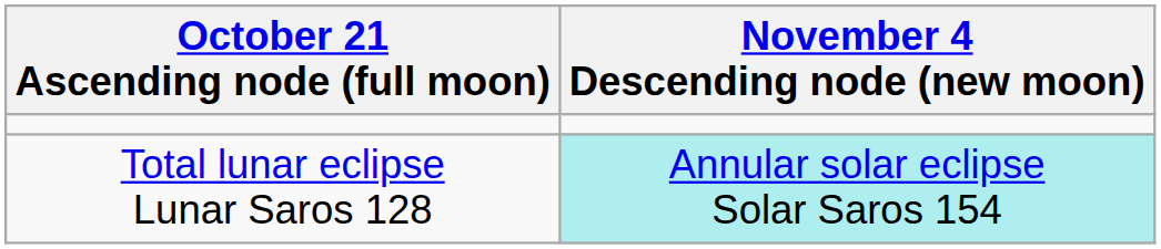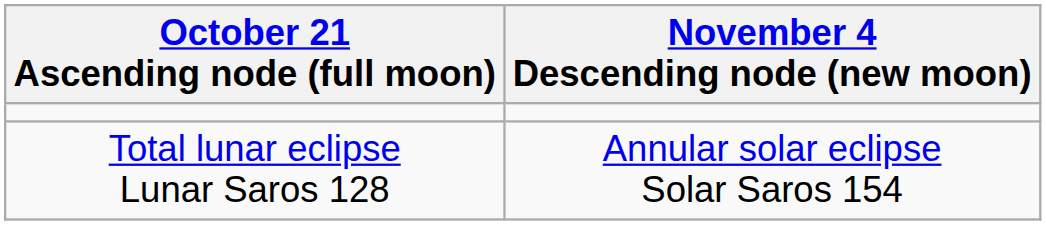 <table class="wikitable">
 <tr>
 <th><a href='#'>October 21</a><br>Ascending node (full moon)<br></th>
 <th><a href='#'>November 4</a><br>Descending node (new moon)<br></th>
 </tr>
 <tr>
 <td></td>
 <td></td>
 </tr>
 <tr align=center>
 <td><a href='#'>Total lunar eclipse</a><br>Lunar Saros 128</td>
-<td style="background: paleturquoise;"><a href='#'>Annular solar eclipse</a><br>Solar Saros 154</td>
+<td><a href='#'>Annular solar eclipse</a><br>Solar Saros 154</td>
 </tr>
 </table>
